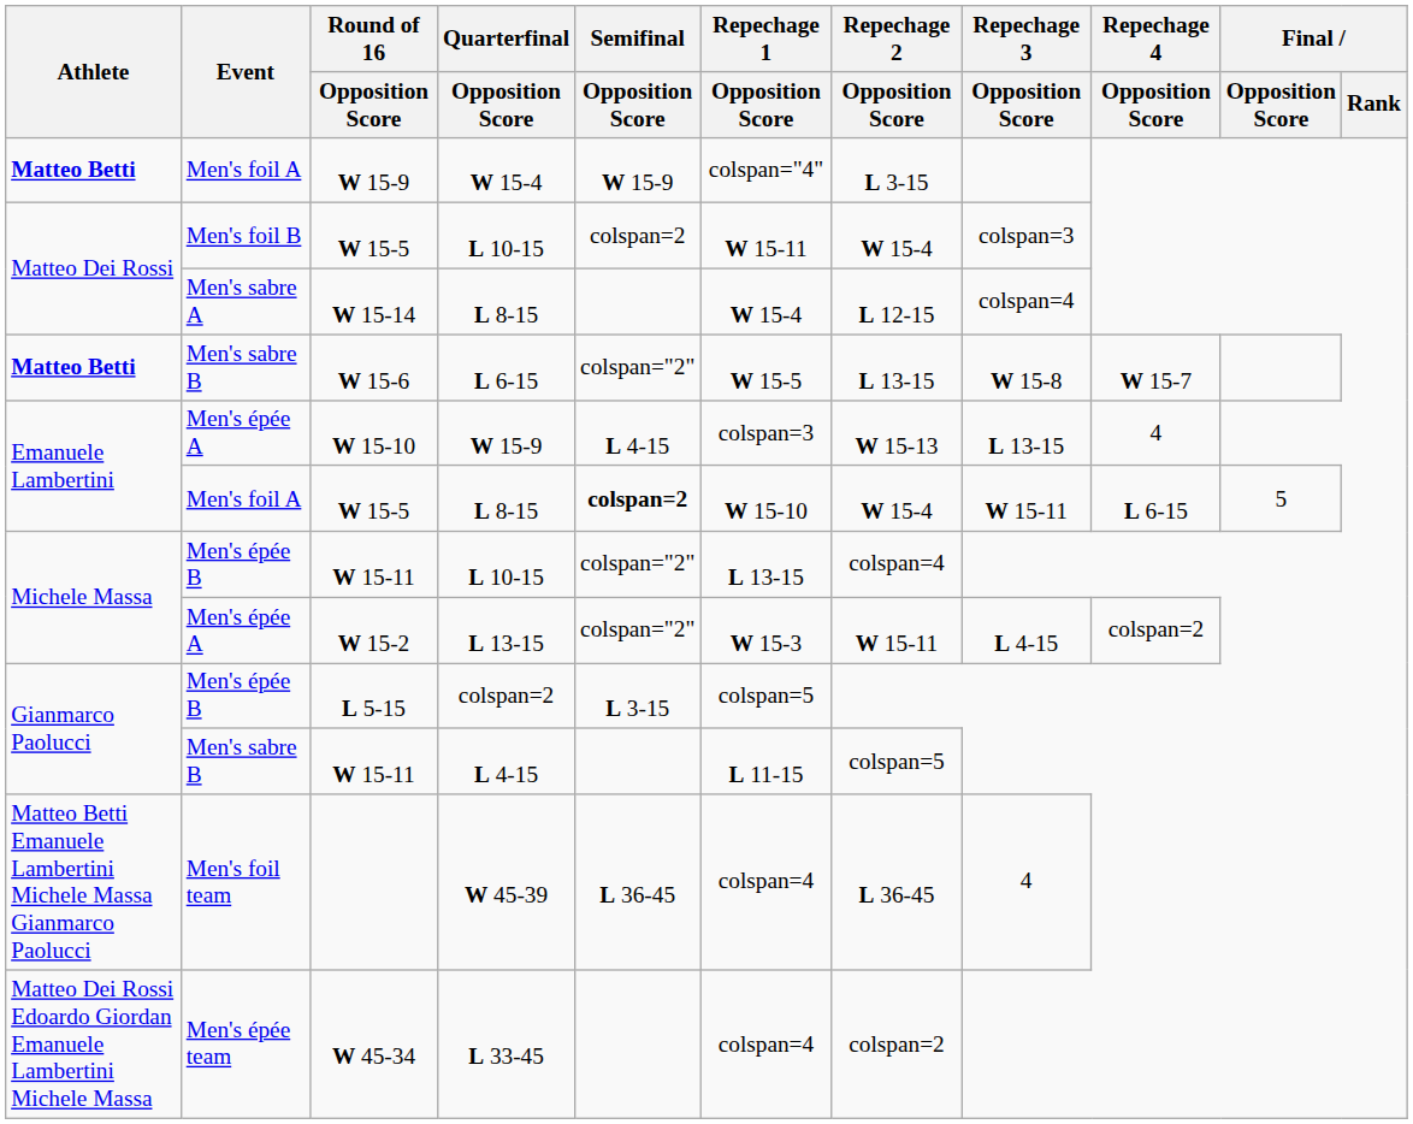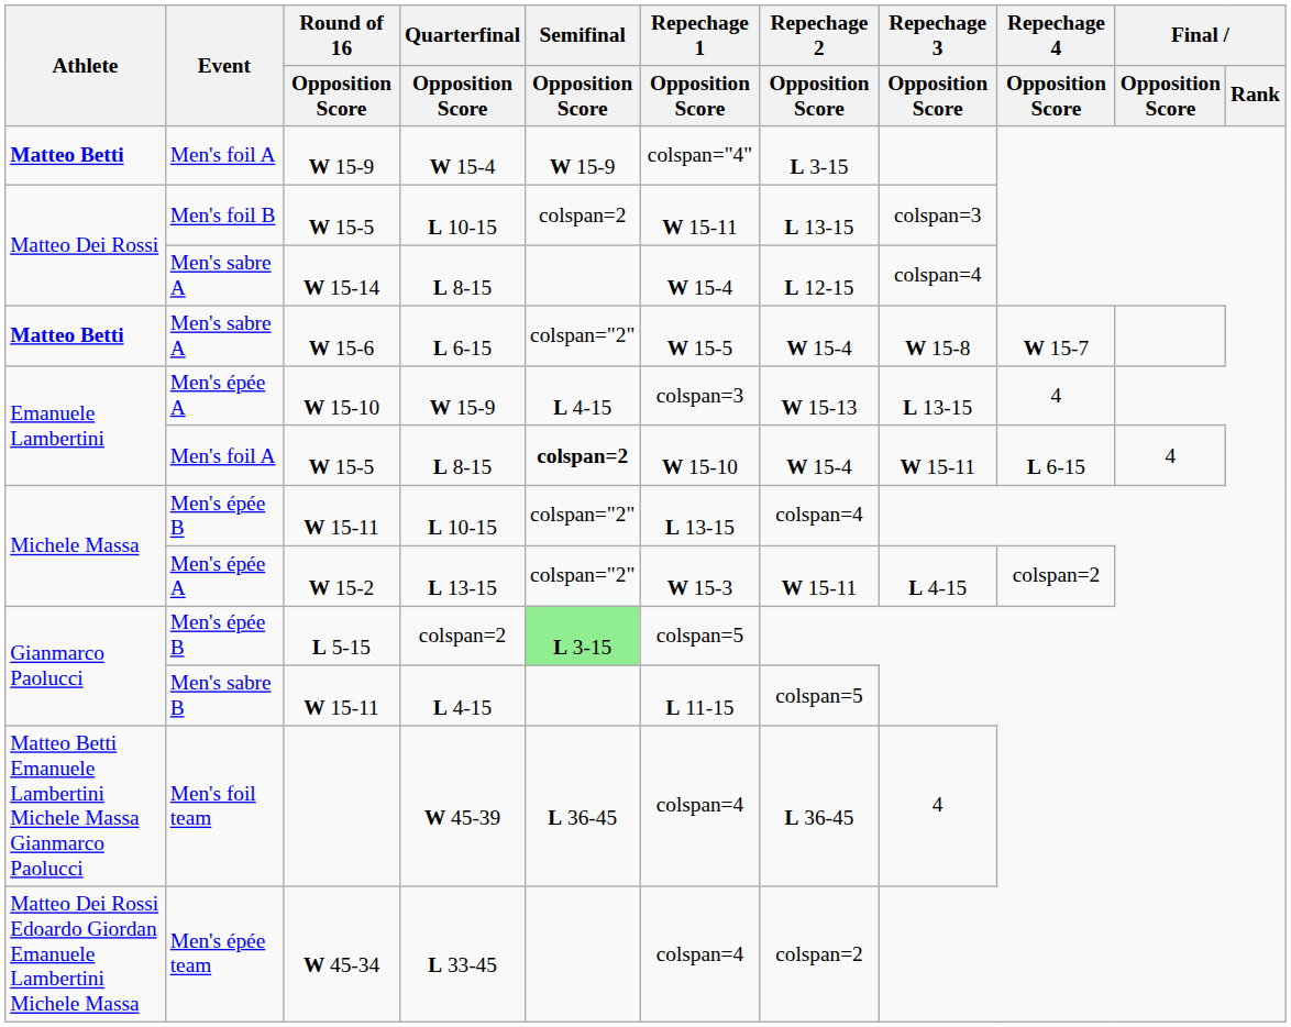 <table class=wikitable style="font-size:90%">
 <tr>
 <th rowspan="2">Athlete</th>
 <th rowspan="2">Event</th>
 <th>Round of 16</th>
 <th>Quarterfinal</th>
 <th>Semifinal</th>
 <th>Repechage 1</th>
 <th>Repechage 2</th>
 <th>Repechage 3</th>
 <th>Repechage 4</th>
 <th colspan="2">Final / </th>
 </tr>
 <tr>
 <th>Opposition<br>Score</th>
 <th>Opposition<br>Score</th>
 <th>Opposition<br>Score</th>
 <th>Opposition<br>Score</th>
 <th>Opposition<br>Score</th>
 <th>Opposition<br>Score</th>
 <th>Opposition<br>Score</th>
 <th>Opposition<br>Score</th>
 <th>Rank</th>
 </tr>
 <tr align=center>
 <td align=left><strong><a href='#'>Matteo Betti</a></strong></td>
 <td align=left><a href='#'>Men's foil A</a></td>
 <td><br><strong>W</strong> 15-9</td>
 <td><br><strong>W</strong> 15-4</td>
 <td><br><strong>W</strong> 15-9</td>
 <td>colspan="4" </td>
 <td><br><strong>L</strong> 3-15</td>
 <td></td>
 </tr>
 <tr align=center>
 <td align=left rowspan=2><a href='#'>Matteo Dei Rossi</a></td>
 <td align=left><a href='#'>Men's foil B</a></td>
 <td><br><strong>W</strong> 15-5</td>
 <td><br><strong>L</strong> 10-15</td>
 <td>colspan=2 </td>
 <td><br><strong>W</strong> 15-11</td>
-<td><br><strong>W</strong> 15-4</td>
+<td><br><strong>L</strong> 13-15</td>
 <td>colspan=3 </td>
 </tr>
 <tr align=center>
 <td align=left><a href='#'>Men's sabre A</a></td>
 <td><br><strong>W</strong> 15-14</td>
 <td><br><strong>L</strong> 8-15</td>
 <td></td>
 <td><br><strong>W</strong> 15-4</td>
 <td><br><strong>L</strong> 12-15</td>
 <td>colspan=4 </td>
 </tr>
 <tr align=center>
 <td align=left><strong><a href='#'>Matteo Betti</a></strong></td>
-<td align=left><a href='#'>Men's sabre B</a></td>
+<td align=left><a href='#'>Men's sabre A</a></td>
 <td><br><strong>W</strong> 15-6</td>
 <td><br><strong>L</strong> 6-15</td>
 <td>colspan="2" </td>
 <td><br><strong>W</strong> 15-5</td>
-<td><br><strong>L</strong> 13-15</td>
+<td><br><strong>W</strong> 15-4</td>
 <td><br><strong>W</strong> 15-8</td>
 <td><br><strong>W</strong> 15-7</td>
 <td></td>
 </tr>
 <tr align=center>
 <td align=left rowspan=2><a href='#'>Emanuele Lambertini</a></td>
 <td align=left><a href='#'>Men's épée A</a></td>
 <td><br><strong>W</strong> 15-10</td>
 <td><br><strong>W</strong> 15-9</td>
 <td><br><strong>L</strong> 4-15</td>
 <td>colspan=3 </td>
 <td><br><strong>W</strong> 15-13</td>
 <td><br><strong>L</strong> 13-15</td>
 <td>4</td>
 </tr>
 <tr align=center>
 <td align=left><a href='#'>Men's foil A</a></td>
 <td><br><strong>W</strong> 15-5</td>
 <td><br><strong>L</strong> 8-15</td>
 <td><strong>colspan=2 </strong></td>
 <td><br><strong>W</strong> 15-10</td>
 <td><br><strong>W</strong> 15-4</td>
 <td><br><strong>W</strong> 15-11</td>
 <td><br><strong>L</strong> 6-15</td>
-<td>5</td>
+<td>4</td>
 </tr>
 <tr align=center>
 <td align=left rowspan=2><a href='#'>Michele Massa</a></td>
 <td align=left><a href='#'>Men's épée B</a></td>
 <td><br><strong>W</strong> 15-11</td>
 <td><br><strong>L</strong> 10-15</td>
 <td>colspan="2" </td>
 <td><br><strong>L</strong> 13-15</td>
 <td>colspan=4 </td>
 </tr>
 <tr align=center>
 <td align=left><a href='#'>Men's épée A</a></td>
 <td><br><strong>W</strong> 15-2</td>
 <td><br><strong>L</strong> 13-15</td>
 <td>colspan="2" </td>
 <td><br><strong>W</strong> 15-3</td>
 <td><br><strong>W</strong> 15-11</td>
 <td><br><strong>L</strong> 4-15</td>
 <td>colspan=2 </td>
 </tr>
 <tr align=center>
 <td align=left rowspan=2><a href='#'>Gianmarco Paolucci</a></td>
 <td align=left><a href='#'>Men's épée B</a></td>
 <td><br><strong>L</strong> 5-15</td>
 <td>colspan=2 </td>
-<td><br><strong>L</strong> 3-15</td>
+<td style="background: lightgreen;"><br><strong>L</strong> 3-15</td>
 <td>colspan=5 </td>
 </tr>
 <tr align=center>
 <td align=left><a href='#'>Men's sabre B</a></td>
 <td><br><strong>W</strong> 15-11</td>
 <td><br><strong>L</strong> 4-15</td>
 <td></td>
 <td><br><strong>L</strong> 11-15</td>
 <td>colspan=5 </td>
 </tr>
 <tr align=center>
 <td align=left><a href='#'>Matteo Betti</a><br><a href='#'>Emanuele Lambertini</a><br><a href='#'>Michele Massa</a><br><a href='#'>Gianmarco Paolucci</a></td>
 <td align=left><a href='#'>Men's foil team</a></td>
 <td></td>
 <td><br><strong>W</strong> 45-39</td>
 <td><br><strong>L</strong> 36-45</td>
 <td>colspan=4 </td>
 <td><br><strong>L</strong> 36-45</td>
 <td>4</td>
 </tr>
 <tr align=center>
 <td align=left><a href='#'>Matteo Dei Rossi</a><br><a href='#'>Edoardo Giordan</a><br><a href='#'>Emanuele Lambertini</a><br><a href='#'>Michele Massa</a></td>
 <td align=left><a href='#'>Men's épée team</a></td>
 <td><br><strong>W</strong> 45-34</td>
 <td><br><strong>L</strong> 33-45</td>
 <td></td>
 <td>colspan=4 </td>
 <td>colspan=2 </td>
 </tr>
 </table>
